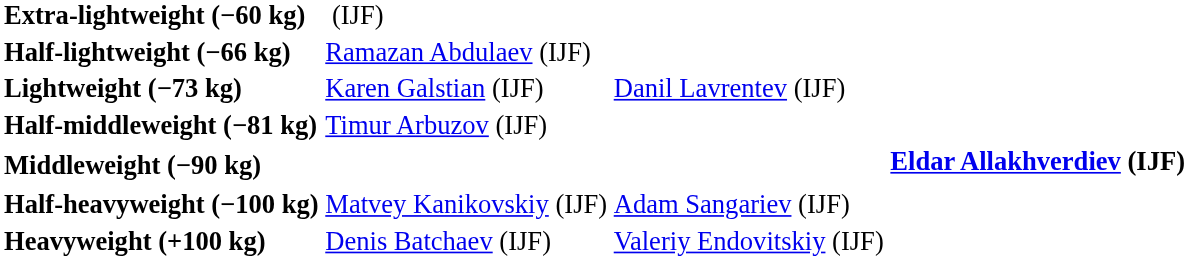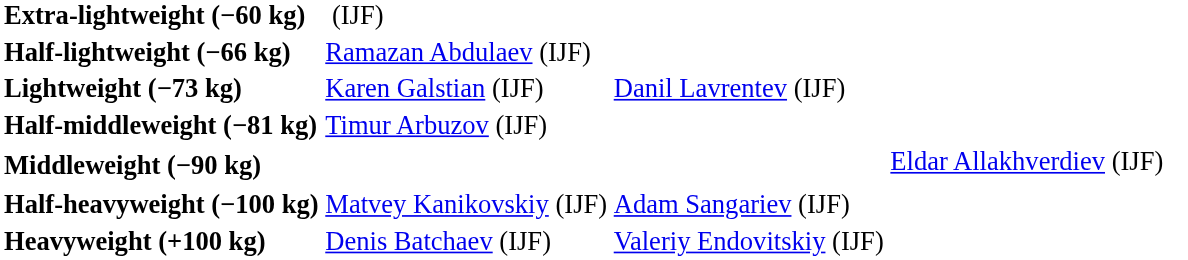 <table>
 <tr>
 <th rowspan=2 style="text-align:left;">Extra-lightweight (−60 kg)</th>
 <td rowspan=2>  <span>(<abbr>IJF</abbr>)</span></td>
 <td rowspan=2></td>
 <td></td>
 </tr>
 <tr>
 <td></td>
 </tr>
 <tr>
 <th rowspan=2 style="text-align:left;">Half-lightweight (−66 kg)</th>
 <td rowspan=2> <a href='#'>Ramazan Abdulaev</a> <span>(<abbr>IJF</abbr>)</span></td>
 <td rowspan=2></td>
 <td></td>
 </tr>
 <tr>
 <td></td>
 </tr>
 <tr>
 <th rowspan=2 style="text-align:left;">Lightweight (−73 kg)</th>
 <td rowspan=2> <a href='#'>Karen Galstian</a> <span>(<abbr>IJF</abbr>)</span></td>
 <td rowspan=2> <a href='#'>Danil Lavrentev</a> <span>(<abbr>IJF</abbr>)</span></td>
 <td></td>
 </tr>
 <tr>
 <td></td>
 </tr>
 <tr>
 <th rowspan=2 style="text-align:left;">Half-middleweight (−81 kg)</th>
 <td rowspan=2> <a href='#'>Timur Arbuzov</a> <span>(<abbr>IJF</abbr>)</span></td>
 <td rowspan=2></td>
 <td></td>
 </tr>
 <tr>
 <td></td>
 </tr>
 <tr>
 <th rowspan=2 style="text-align:left;">Middleweight (−90 kg)</th>
 <td rowspan=2></td>
 <td rowspan=2></td>
-<td><strong> <a href='#'>Eldar Allakhverdiev</a> <span>(<abbr>IJF</abbr>)</span></strong></td>
+<td> <a href='#'>Eldar Allakhverdiev</a> <span>(<abbr>IJF</abbr>)</span></td>
 </tr>
 <tr>
 <td></td>
 </tr>
 <tr>
 <th rowspan=2 style="text-align:left;">Half-heavyweight (−100 kg)</th>
 <td rowspan=2> <a href='#'>Matvey Kanikovskiy</a> <span>(<abbr>IJF</abbr>)</span></td>
 <td rowspan=2> <a href='#'>Adam Sangariev</a> <span>(<abbr>IJF</abbr>)</span></td>
 <td></td>
 </tr>
 <tr>
 <td></td>
 </tr>
 <tr>
 <th rowspan=2 style="text-align:left;">Heavyweight (+100 kg)</th>
 <td rowspan=2> <a href='#'>Denis Batchaev</a> <span>(<abbr>IJF</abbr>)</span></td>
 <td rowspan=2> <a href='#'>Valeriy Endovitskiy</a> <span>(<abbr>IJF</abbr>)</span></td>
 <td></td>
 </tr>
 <tr>
 <td></td>
 </tr>
 </table>
